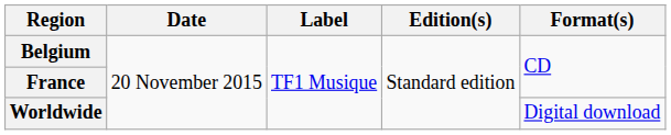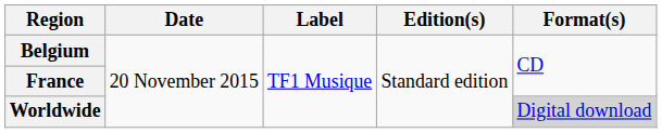 <table class="wikitable plainrowheaders">
 <tr>
 <th scope="col">Region</th>
 <th scope="col">Date</th>
 <th scope="col">Label</th>
 <th scope="col">Edition(s)</th>
 <th scope="col">Format(s)</th>
 </tr>
 <tr>
 <th scope="row">Belgium</th>
 <td rowspan="3">20 November 2015</td>
 <td rowspan="3"><a href='#'>TF1 Musique</a></td>
 <td rowspan="3">Standard edition</td>
 <td rowspan="2"><a href='#'>CD</a></td>
 </tr>
 <tr>
 <th scope="row">France</th>
 </tr>
 <tr>
 <th scope="row">Worldwide</th>
-<td><a href='#'>Digital download</a></td>
+<td style="background: lightgrey;"><a href='#'>Digital download</a></td>
 </tr>
 </table>
